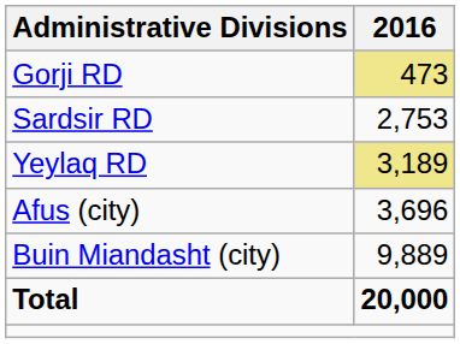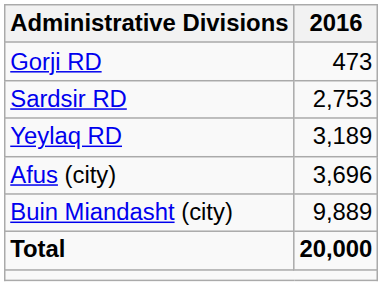 <table class="wikitable">
 <tr>
 <th>Administrative Divisions</th>
 <th>2016</th>
 </tr>
 <tr>
 <td><a href='#'>Gorji RD</a></td>
-<td style="background: khaki; text-align: right;">473</td>
+<td style="text-align: right;">473</td>
 </tr>
 <tr>
 <td><a href='#'>Sardsir RD</a></td>
 <td style="text-align: right;">2,753</td>
 </tr>
 <tr>
 <td><a href='#'>Yeylaq RD</a></td>
-<td style="background: khaki; text-align: right;">3,189</td>
+<td style="text-align: right;">3,189</td>
 </tr>
 <tr>
 <td><a href='#'>Afus</a> (city)</td>
 <td style="text-align: right;">3,696</td>
 </tr>
 <tr>
 <td><a href='#'>Buin Miandasht</a> (city)</td>
 <td style="text-align: right;">9,889</td>
 </tr>
 <tr>
 <td><strong>Total</strong></td>
 <td style="text-align: right;"><strong>20,000</strong></td>
 </tr>
 <tr>
 <td colspan=2></td>
 </tr>
 </table>
